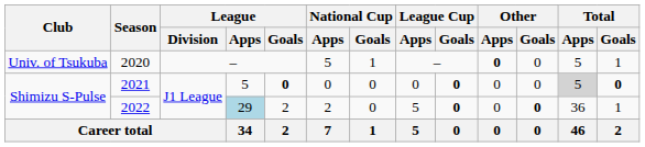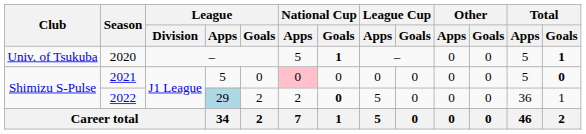 <table class="wikitable" style="text-align: center">
 <tr>
 <th rowspan="2">Club</th>
 <th rowspan="2">Season</th>
 <th colspan="3">League</th>
 <th colspan="2">National Cup</th>
 <th colspan="2">League Cup</th>
 <th colspan="2">Other</th>
 <th colspan="2">Total</th>
 </tr>
 <tr>
 <th>Division</th>
 <th>Apps</th>
 <th>Goals</th>
 <th>Apps</th>
 <th>Goals</th>
 <th>Apps</th>
 <th>Goals</th>
 <th>Apps</th>
 <th>Goals</th>
 <th>Apps</th>
 <th>Goals</th>
 </tr>
 <tr>
 <td><a href='#'>Univ. of Tsukuba</a></td>
 <td>2020</td>
 <td colspan="3">–</td>
 <td>5</td>
-<td>1</td>
+<td><strong>1</strong></td>
 <td colspan="2">–</td>
-<td><strong>0</strong></td>
+<td>0</td>
 <td>0</td>
 <td>5</td>
-<td>1</td>
+<td><strong>1</strong></td>
 </tr>
 <tr>
 <td rowspan="2"><a href='#'>Shimizu S-Pulse</a></td>
 <td><a href='#'>2021</a></td>
 <td rowspan="2"><a href='#'>J1 League</a></td>
 <td>5</td>
-<td><strong>0</strong></td>
+<td>0</td>
+<td style="background: pink;">0</td>
 <td>0</td>
 <td>0</td>
 <td>0</td>
-<td><strong>0</strong></td>
 <td>0</td>
 <td>0</td>
-<td style="background: lightgrey;">5</td>
+<td>5</td>
 <td><strong>0</strong></td>
 </tr>
 <tr>
 <td><a href='#'>2022</a></td>
 <td style="background: lightblue;">29</td>
 <td>2</td>
 <td>2</td>
+<td><strong>0</strong></td>
+<td>5</td>
 <td>0</td>
-<td>5</td>
-<td><strong>0</strong></td>
 <td>0</td>
-<td><strong>0</strong></td>
+<td>0</td>
 <td>36</td>
 <td>1</td>
 </tr>
 <tr>
 <th colspan=3>Career total</th>
 <th>34</th>
 <th>2</th>
 <th>7</th>
 <th>1</th>
 <th>5</th>
 <th>0</th>
 <th>0</th>
 <th>0</th>
 <th>46</th>
 <th>2</th>
 </tr>
 </table>
